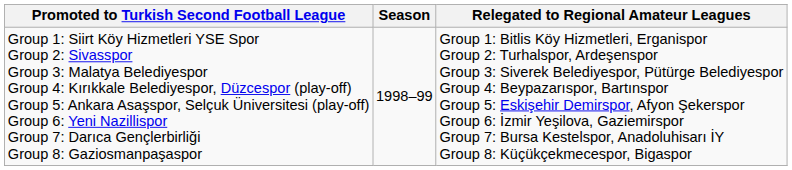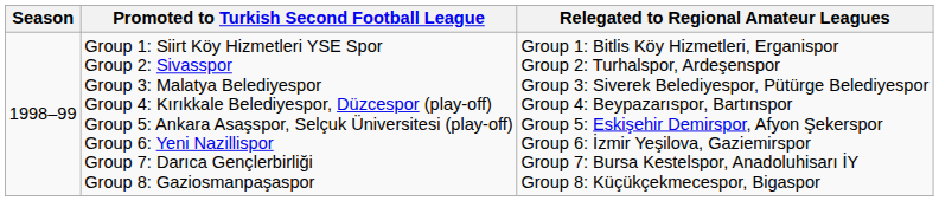 <table class="wikitable">
 <tr>
+<th>Season</th>
 <th>Promoted to <a href='#'>Turkish Second Football League</a></th>
-<th>Season</th>
 <th>Relegated to Regional Amateur Leagues</th>
 </tr>
 <tr>
+<td>1998–99</td>
 <td>Group 1: Siirt Köy Hizmetleri YSE Spor <br> Group 2: <a href='#'>Sivasspor</a> <br>Group 3: Malatya Belediyespor <br>Group 4: Kırıkkale Belediyespor, <a href='#'>Düzcespor</a> (play-off)<br>Group 5: Ankara Asaşspor, Selçuk Üniversitesi (play-off) <br>Group 6: <a href='#'>Yeni Nazillispor</a> <br>Group 7: Darıca Gençlerbirliği<br>Group 8: Gaziosmanpaşaspor</td>
-<td>1998–99</td>
 <td>Group 1: Bitlis Köy Hizmetleri, Erganispor <br> Group 2: Turhalspor, Ardeşenspor  <br>Group 3: Siverek Belediyespor, Pütürge Belediyespor <br> Group 4: Beypazarıspor, Bartınspor <br>Group 5: <a href='#'>Eskişehir Demirspor</a>, Afyon Şekerspor <br> Group 6: İzmir Yeşilova, Gaziemirspor <br> Group 7: Bursa Kestelspor, Anadoluhisarı İY <br> Group 8: Küçükçekmecespor, Bigaspor</td>
 </tr>
 </table>
